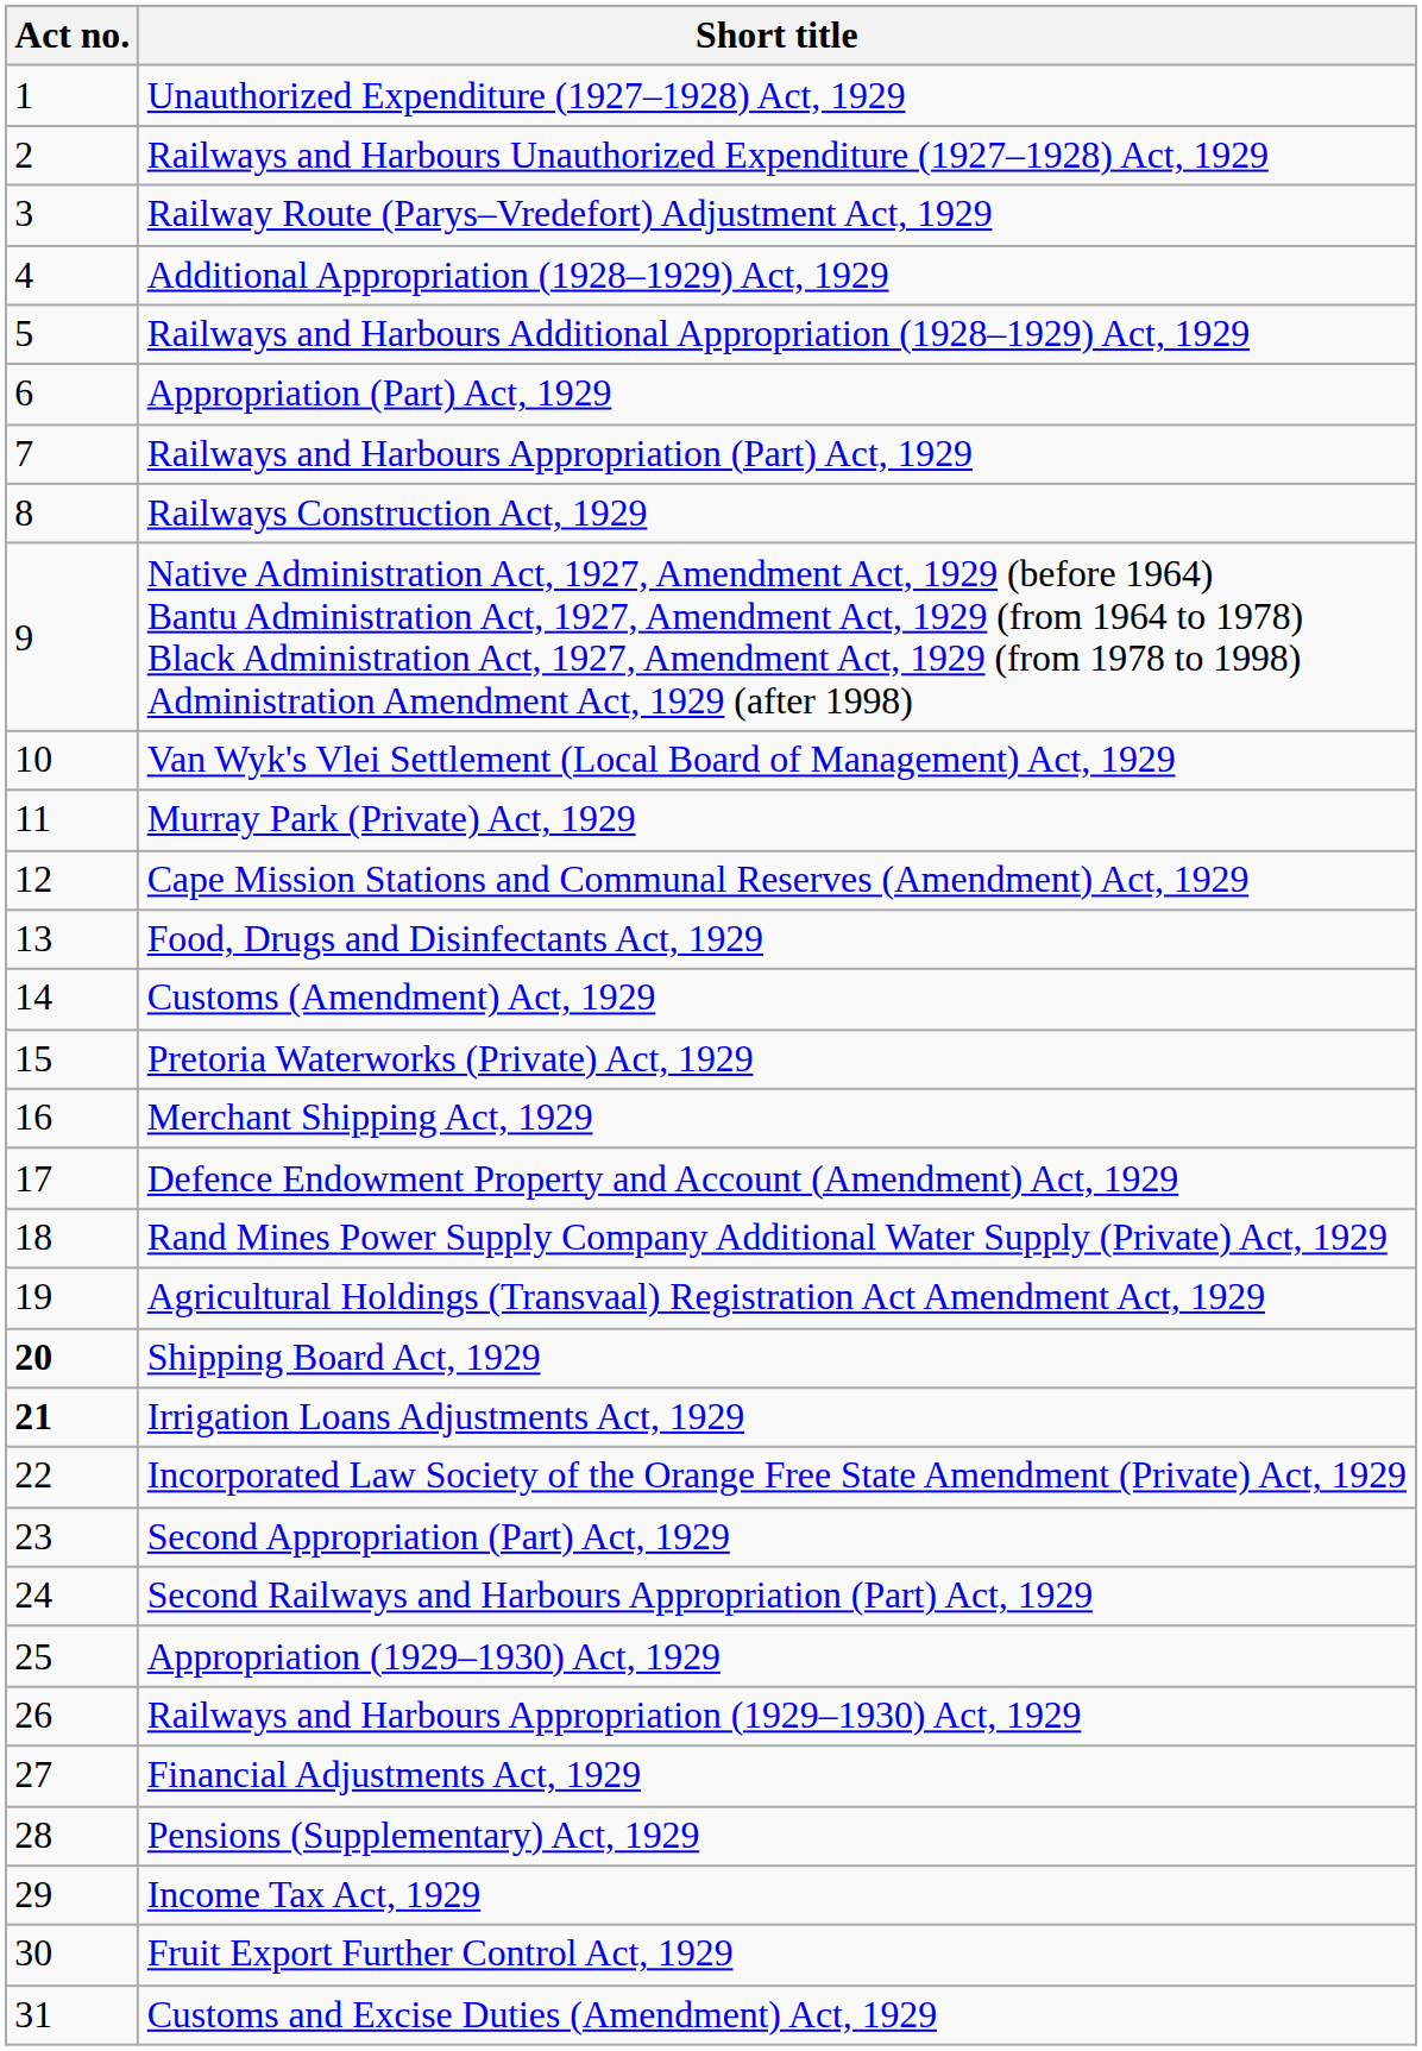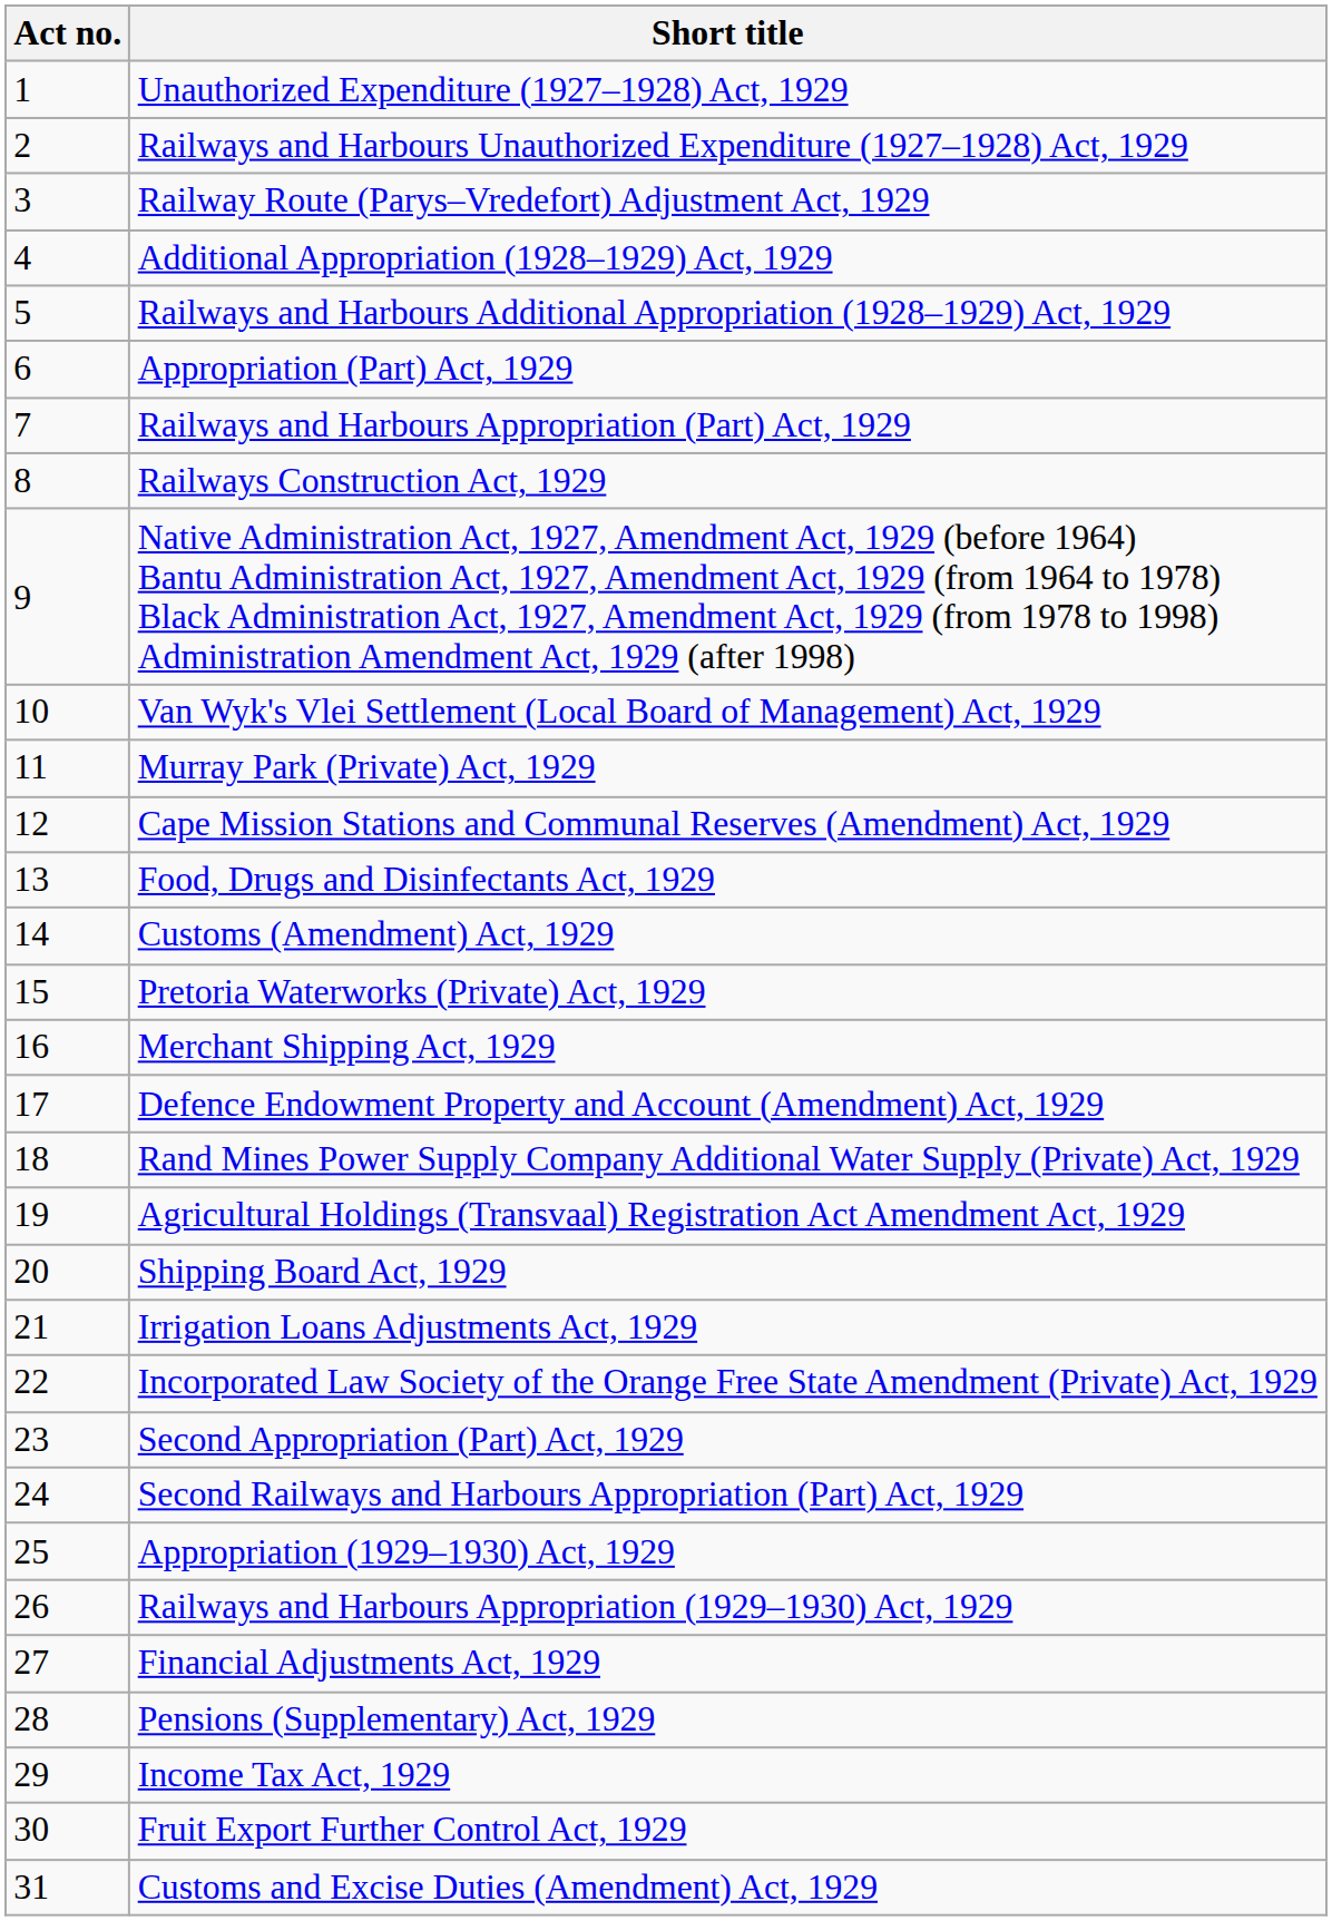 <table class="wikitable sortable">
 <tr>
 <th>Act no.</th>
 <th>Short title</th>
 </tr>
 <tr>
 <td>1</td>
 <td><a href='#'>Unauthorized Expenditure (1927–1928) Act, 1929</a></td>
 </tr>
 <tr>
 <td>2</td>
 <td><a href='#'>Railways and Harbours Unauthorized Expenditure (1927–1928) Act, 1929</a></td>
 </tr>
 <tr>
 <td>3</td>
 <td><a href='#'>Railway Route (Parys–Vredefort) Adjustment Act, 1929</a></td>
 </tr>
 <tr>
 <td>4</td>
 <td><a href='#'>Additional Appropriation (1928–1929) Act, 1929</a></td>
 </tr>
 <tr>
 <td>5</td>
 <td><a href='#'>Railways and Harbours Additional Appropriation (1928–1929) Act, 1929</a></td>
 </tr>
 <tr>
 <td>6</td>
 <td><a href='#'>Appropriation (Part) Act, 1929</a></td>
 </tr>
 <tr>
 <td>7</td>
 <td><a href='#'>Railways and Harbours Appropriation (Part) Act, 1929</a></td>
 </tr>
 <tr>
 <td>8</td>
 <td><a href='#'>Railways Construction Act, 1929</a></td>
 </tr>
 <tr>
 <td>9</td>
 <td><a href='#'>Native Administration Act, 1927, Amendment Act, 1929</a> (before 1964) <br><a href='#'>Bantu Administration Act, 1927, Amendment Act, 1929</a> (from 1964 to 1978) <br><a href='#'>Black Administration Act, 1927, Amendment Act, 1929</a> (from 1978 to 1998) <br><a href='#'>Administration Amendment Act, 1929</a> (after 1998)</td>
 </tr>
 <tr>
 <td>10</td>
 <td><a href='#'>Van Wyk's Vlei Settlement (Local Board of Management) Act, 1929</a></td>
 </tr>
 <tr>
 <td>11</td>
 <td><a href='#'>Murray Park (Private) Act, 1929</a></td>
 </tr>
 <tr>
 <td>12</td>
 <td><a href='#'>Cape Mission Stations and Communal Reserves (Amendment) Act, 1929</a></td>
 </tr>
 <tr>
 <td>13</td>
 <td><a href='#'>Food, Drugs and Disinfectants Act, 1929</a></td>
 </tr>
 <tr>
 <td>14</td>
 <td><a href='#'>Customs (Amendment) Act, 1929</a></td>
 </tr>
 <tr>
 <td>15</td>
 <td><a href='#'>Pretoria Waterworks (Private) Act, 1929</a></td>
 </tr>
 <tr>
 <td>16</td>
 <td><a href='#'>Merchant Shipping Act, 1929</a></td>
 </tr>
 <tr>
 <td>17</td>
 <td><a href='#'>Defence Endowment Property and Account (Amendment) Act, 1929</a></td>
 </tr>
 <tr>
 <td>18</td>
 <td><a href='#'>Rand Mines Power Supply Company Additional Water Supply (Private) Act, 1929</a></td>
 </tr>
 <tr>
 <td>19</td>
 <td><a href='#'>Agricultural Holdings (Transvaal) Registration Act Amendment Act, 1929</a></td>
 </tr>
 <tr>
-<td><strong>20</strong></td>
+<td>20</td>
 <td><a href='#'>Shipping Board Act, 1929</a></td>
 </tr>
 <tr>
-<td><strong>21</strong></td>
+<td>21</td>
 <td><a href='#'>Irrigation Loans Adjustments Act, 1929</a></td>
 </tr>
 <tr>
 <td>22</td>
 <td><a href='#'>Incorporated Law Society of the Orange Free State Amendment (Private) Act, 1929</a></td>
 </tr>
 <tr>
 <td>23</td>
 <td><a href='#'>Second Appropriation (Part) Act, 1929</a></td>
 </tr>
 <tr>
 <td>24</td>
 <td><a href='#'>Second Railways and Harbours Appropriation (Part) Act, 1929</a></td>
 </tr>
 <tr>
 <td>25</td>
 <td><a href='#'>Appropriation (1929–1930) Act, 1929</a></td>
 </tr>
 <tr>
 <td>26</td>
 <td><a href='#'>Railways and Harbours Appropriation (1929–1930) Act, 1929</a></td>
 </tr>
 <tr>
 <td>27</td>
 <td><a href='#'>Financial Adjustments Act, 1929</a></td>
 </tr>
 <tr>
 <td>28</td>
 <td><a href='#'>Pensions (Supplementary) Act, 1929</a></td>
 </tr>
 <tr>
 <td>29</td>
 <td><a href='#'>Income Tax Act, 1929</a></td>
 </tr>
 <tr>
 <td>30</td>
 <td><a href='#'>Fruit Export Further Control Act, 1929</a></td>
 </tr>
 <tr>
 <td>31</td>
 <td><a href='#'>Customs and Excise Duties (Amendment) Act, 1929</a></td>
 </tr>
 </table>
